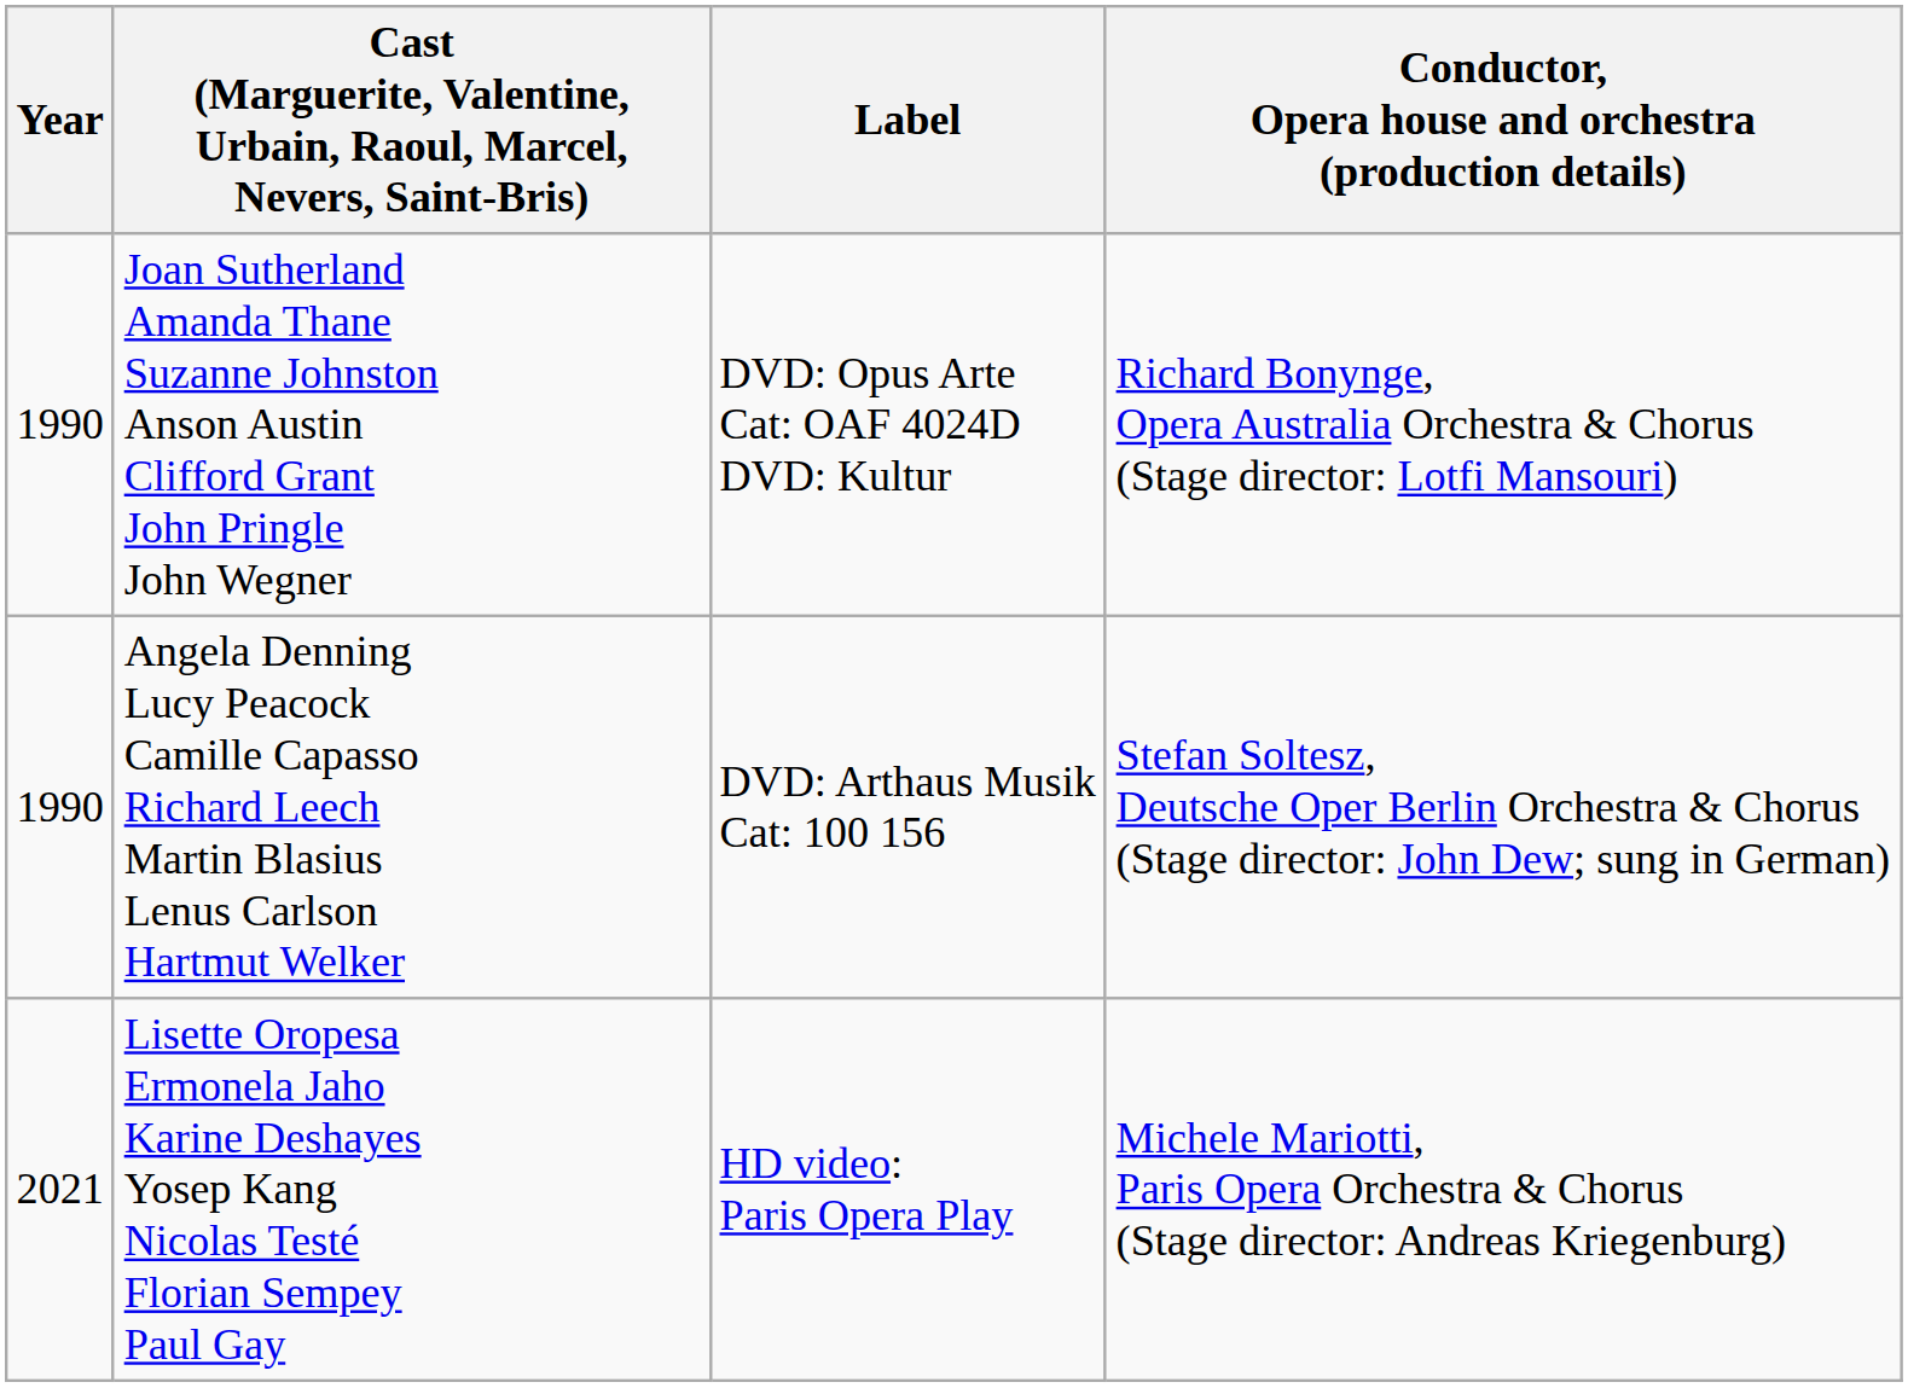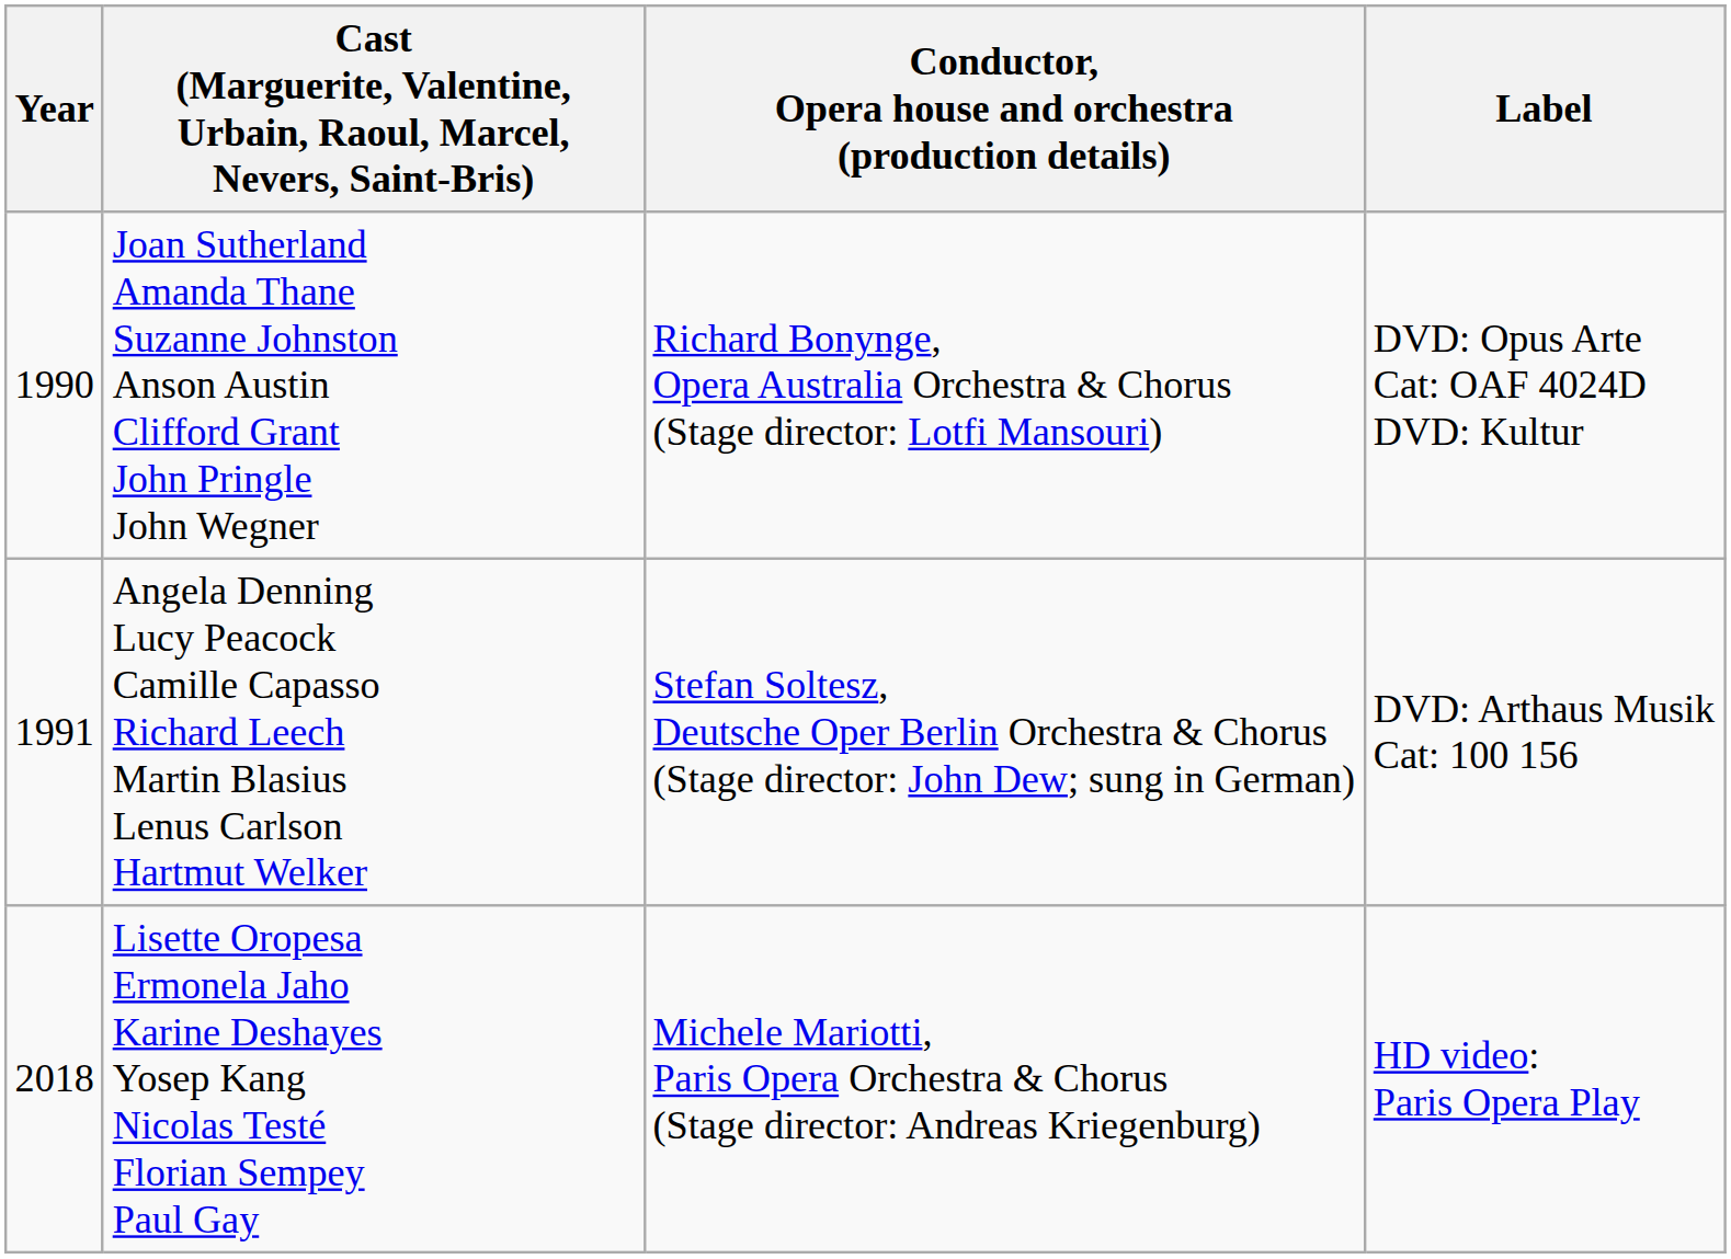 <table class="wikitable" style="font-size:95%;">
 <tr>
 <th>Year</th>
 <th width="200">Cast<br>(Marguerite, Valentine,<br>Urbain, Raoul, Marcel,<br>Nevers, Saint-Bris)</th>
+<th>Conductor,<br>Opera house and orchestra<br>(production details)</th>
 <th>Label</th>
-<th>Conductor,<br>Opera house and orchestra<br>(production details)</th>
 </tr>
 <tr>
 <td>1990</td>
 <td><a href='#'>Joan Sutherland</a><br><a href='#'>Amanda Thane</a><br><a href='#'>Suzanne Johnston</a><br>Anson Austin<br><a href='#'>Clifford Grant</a><br><a href='#'>John Pringle</a><br>John Wegner</td>
+<td><a href='#'>Richard Bonynge</a>,<br><a href='#'>Opera Australia</a> Orchestra & Chorus<br>(Stage director: <a href='#'>Lotfi Mansouri</a>)</td>
 <td>DVD: Opus Arte<br>Cat: OAF 4024D<br>DVD: Kultur</td>
-<td><a href='#'>Richard Bonynge</a>,<br><a href='#'>Opera Australia</a> Orchestra & Chorus<br>(Stage director: <a href='#'>Lotfi Mansouri</a>)</td>
 </tr>
 <tr>
-<td>1990</td>
+<td>1991</td>
 <td>Angela Denning<br>Lucy Peacock<br>Camille Capasso<br><a href='#'>Richard Leech</a><br>Martin Blasius<br>Lenus Carlson<br><a href='#'>Hartmut Welker</a></td>
+<td><a href='#'>Stefan Soltesz</a>,<br><a href='#'>Deutsche Oper Berlin</a> Orchestra & Chorus<br>(Stage director: <a href='#'>John Dew</a>; sung in German)</td>
 <td>DVD: Arthaus Musik<br>Cat: 100 156</td>
-<td><a href='#'>Stefan Soltesz</a>,<br><a href='#'>Deutsche Oper Berlin</a> Orchestra & Chorus<br>(Stage director: <a href='#'>John Dew</a>; sung in German)</td>
 </tr>
 <tr>
-<td>2021</td>
+<td>2018</td>
 <td><a href='#'>Lisette Oropesa</a><br><a href='#'>Ermonela Jaho</a><br><a href='#'>Karine Deshayes</a><br>Yosep Kang<br><a href='#'>Nicolas Testé</a><br><a href='#'>Florian Sempey</a><br><a href='#'>Paul Gay</a></td>
+<td><a href='#'>Michele Mariotti</a>,<br><a href='#'>Paris Opera</a> Orchestra & Chorus<br>(Stage director: Andreas Kriegenburg)</td>
 <td><a href='#'>HD video</a>:<br><a href='#'>Paris Opera Play</a></td>
-<td><a href='#'>Michele Mariotti</a>,<br><a href='#'>Paris Opera</a> Orchestra & Chorus<br>(Stage director: Andreas Kriegenburg)</td>
 </tr>
 </table>
